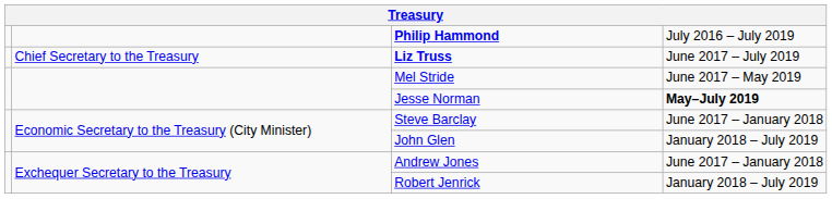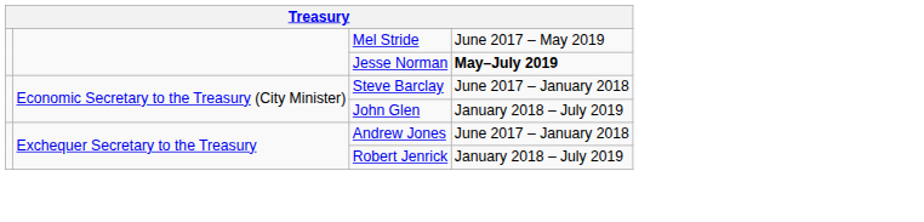 <table class="wikitable">
 <tr>
 <th colspan="4"><a href='#'>Treasury</a></th>
-</tr>
-<tr>
-<td style="width: 1px; background: "></td>
-<td style="width: 450px;"></td>
-<td style="width: 320px;"><strong><a href='#'>Philip Hammond</a></strong></td>
-<td>July 2016 – July 2019</td>
-</tr>
-<tr>
-<td style="width: 1px; background: "></td>
-<td><a href='#'>Chief Secretary to the Treasury</a></td>
-<td><strong><a href='#'>Liz Truss</a></strong></td>
-<td>June 2017 – July 2019</td>
 </tr>
 <tr>
 <td rowspan=2 style="width: 1px; background: "></td>
 <td rowspan=2></td>
 <td><a href='#'>Mel Stride</a></td>
 <td>June 2017 – May 2019</td>
 </tr>
 <tr>
 <td><a href='#'>Jesse Norman</a></td>
 <td><strong>May–July 2019</strong></td>
 </tr>
 <tr>
 <td rowspan="2" style="width: 1px; background: "></td>
 <td rowspan="2"><a href='#'>Economic Secretary to the Treasury</a> (City Minister)</td>
 <td><a href='#'>Steve Barclay</a><br></td>
 <td>June 2017 – January 2018</td>
 </tr>
 <tr>
 <td><a href='#'>John Glen</a> <br></td>
 <td>January 2018 – July 2019</td>
 </tr>
 <tr>
 <td rowspan="2" style="width: 1px; background: "></td>
 <td rowspan="2"><a href='#'>Exchequer Secretary to the Treasury</a></td>
 <td><a href='#'>Andrew Jones</a><br></td>
 <td>June 2017 – January 2018</td>
 </tr>
 <tr>
 <td><a href='#'>Robert Jenrick</a> <br></td>
 <td>January 2018 – July 2019</td>
 </tr>
 </table>
